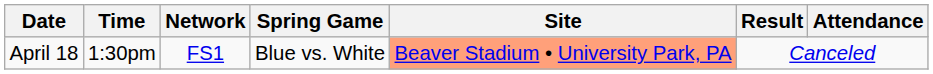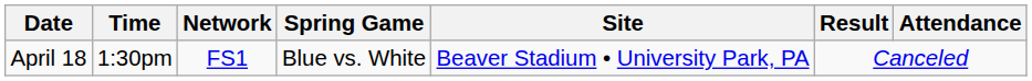 <table class="wikitable" style="font-size:95%;">
 <tr>
 <th>Date</th>
 <th>Time</th>
 <th>Network</th>
 <th>Spring Game</th>
 <th>Site</th>
 <th>Result</th>
 <th>Attendance</th>
 </tr>
 <tr style="text-align:center;">
 <td>April 18</td>
 <td>1:30pm</td>
 <td><a href='#'>FS1</a></td>
 <td>Blue vs. White</td>
-<td style="background: lightsalmon;"><a href='#'>Beaver Stadium</a> • <a href='#'>University Park, PA</a></td>
+<td><a href='#'>Beaver Stadium</a> • <a href='#'>University Park, PA</a></td>
 <td colspan="2"><em><a href='#'>Canceled</a></em></td>
 </tr>
 </table>
